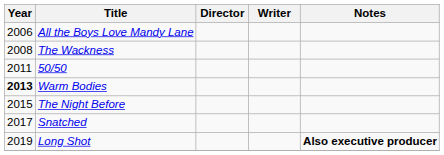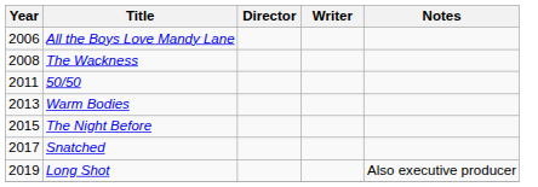 <table class="wikitable">
 <tr>
 <th>Year</th>
 <th>Title</th>
 <th width="65">Director</th>
 <th width="65">Writer</th>
 <th>Notes</th>
 </tr>
 <tr>
 <td>2006</td>
 <td><em><a href='#'>All the Boys Love Mandy Lane</a></em></td>
 <td></td>
 <td></td>
 <td></td>
 </tr>
 <tr>
 <td>2008</td>
 <td><em><a href='#'>The Wackness</a></em></td>
 <td></td>
 <td></td>
 <td></td>
 </tr>
 <tr>
 <td>2011</td>
 <td><em><a href='#'>50/50</a></em></td>
 <td></td>
 <td></td>
 <td></td>
 </tr>
 <tr>
-<td><strong>2013</strong></td>
+<td>2013</td>
 <td><em><a href='#'>Warm Bodies</a></em></td>
 <td></td>
 <td></td>
 <td></td>
 </tr>
 <tr>
 <td>2015</td>
 <td><em><a href='#'>The Night Before</a></em></td>
 <td></td>
 <td></td>
 <td></td>
 </tr>
 <tr>
 <td>2017</td>
 <td><em><a href='#'>Snatched</a></em></td>
 <td></td>
 <td></td>
 <td></td>
 </tr>
 <tr>
 <td>2019</td>
 <td><em><a href='#'>Long Shot</a></em></td>
 <td></td>
 <td></td>
-<td><strong>Also executive producer</strong></td>
+<td>Also executive producer</td>
 </tr>
 <tr>
 </tr>
 </table>
